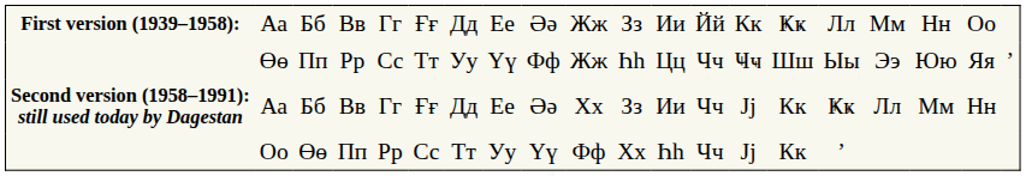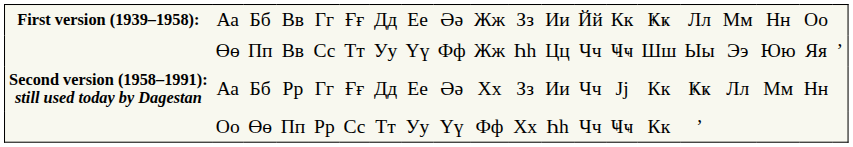 <table cellpadding=4 style="font-size:larger; text-align:center; border-color:black; border-width:1px; border-style:solid; border-collapse:collapse; background-color:#F8F8EF;" summary="Bashkir Alphabet">
 <tr>
 <th + style="font-size:smaller;">First version (1939–1958):</th>
 <td>Аа</td>
 <td>Бб</td>
 <td>Вв</td>
 <td>Гг</td>
 <td>Ғғ</td>
 <td>Дд</td>
 <td>Ее</td>
 <td>Әә</td>
 <td>Жж</td>
 <td>Зз</td>
 <td>Ии</td>
 <td>Йй</td>
 <td>Кк</td>
 <td>Ҝҝ</td>
 <td>Лл</td>
 <td>Мм</td>
 <td>Нн</td>
 <td>Оо</td>
 </tr>
 <tr>
 <th + style="font-size:smaller;"></th>
 <td>Өө</td>
 <td>Пп</td>
-<td>Рр</td>
+<td>Вв</td>
 <td>Сс</td>
 <td>Тт</td>
 <td>Уу</td>
 <td>Үү</td>
 <td>Фф</td>
 <td>Жж</td>
 <td>Һһ</td>
 <td>Цц</td>
 <td>Чч</td>
 <td>Ҹҹ</td>
 <td>Шш</td>
 <td>Ыы</td>
 <td>Ээ</td>
 <td>Юю</td>
 <td>Яя</td>
 <td>ʼ</td>
 </tr>
 <tr>
 <th + style="font-size:smaller;">Second version (1958–1991):<br><em>still used today by Dagestan</em></th>
 <td>Аа</td>
 <td>Бб</td>
-<td>Вв</td>
+<td>Рр</td>
 <td>Гг</td>
 <td>Ғғ</td>
 <td>Дд</td>
 <td>Ее</td>
 <td>Әә</td>
 <td>Хх</td>
 <td>Зз</td>
 <td>Ии</td>
 <td>Чч</td>
 <td>Јј</td>
 <td>Кк</td>
 <td>Ҝҝ</td>
 <td>Лл</td>
 <td>Мм</td>
 <td>Нн</td>
 </tr>
 <tr>
 <th + style="font-size:smaller;"></th>
 <td>Оо</td>
 <td>Өө</td>
 <td>Пп</td>
 <td>Рр</td>
 <td>Сс</td>
 <td>Тт</td>
 <td>Уу</td>
 <td>Үү</td>
 <td>Фф</td>
 <td>Хх</td>
 <td>Һһ</td>
 <td>Чч</td>
-<td>Јј</td>
+<td>Ҹҹ</td>
 <td>Кк</td>
 <td>ʼ</td>
 </tr>
 </table>
